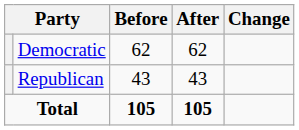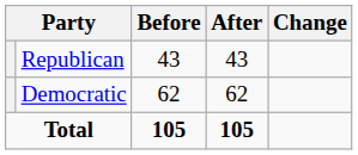 <table class="wikitable" style="text-align:center;">
 <tr>
 <th colspan="2">Party</th>
 <th>Before</th>
 <th>After</th>
 <th>Change</th>
 </tr>
 <tr>
 <th style="background-color:"></th>
-<td style="text-align:left;"><a href='#'>Democratic</a></td>
-<td>62</td>
-<td>62</td>
+<td style="text-align:left;"><a href='#'>Republican</a></td>
+<td>43</td>
+<td>43</td>
 <td></td>
 </tr>
 <tr>
 <th style="background-color:"></th>
-<td style="text-align:left;"><a href='#'>Republican</a></td>
-<td>43</td>
-<td>43</td>
+<td style="text-align:left;"><a href='#'>Democratic</a></td>
+<td>62</td>
+<td>62</td>
 <td></td>
 </tr>
 <tr>
 <td colspan="2"><strong>Total</strong></td>
 <td><strong>105</strong></td>
 <td><strong>105</strong></td>
 <td></td>
 </tr>
 </table>
